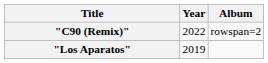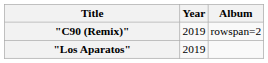 <table class="wikitable plainrowheaders" style="text-align:center;">
 <tr>
 <th scope="col" style="width:15em;">Title</th>
 <th scope="col">Year</th>
 <th scope="col">Album</th>
 </tr>
 <tr>
 <th scope="row">"C90 (Remix)"<br></th>
-<td>2022</td>
+<td>2019</td>
 <td>rowspan=2 </td>
 </tr>
 <tr>
 <th scope="row">"Los Aparatos"<br></th>
 <td>2019</td>
 </tr>
 </table>
